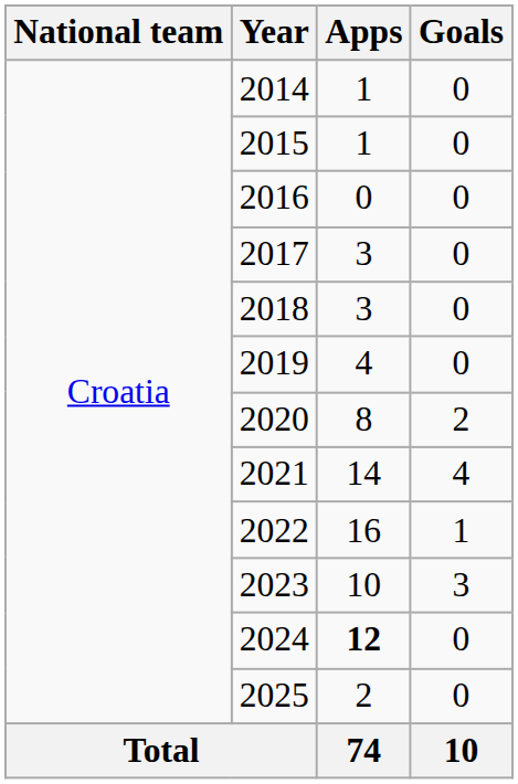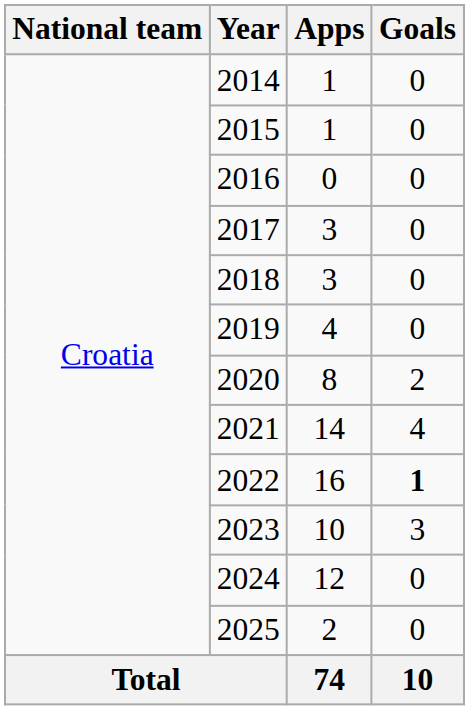 <table class="wikitable" style="text-align:center">
 <tr>
 <th>National team</th>
 <th>Year</th>
 <th>Apps</th>
 <th>Goals</th>
 </tr>
 <tr>
 <td rowspan="12"><a href='#'>Croatia</a></td>
 <td>2014</td>
 <td>1</td>
 <td>0</td>
 </tr>
 <tr>
 <td>2015</td>
 <td>1</td>
 <td>0</td>
 </tr>
 <tr>
 <td>2016</td>
 <td>0</td>
 <td>0</td>
 </tr>
 <tr>
 <td>2017</td>
 <td>3</td>
 <td>0</td>
 </tr>
 <tr>
 <td>2018</td>
 <td>3</td>
 <td>0</td>
 </tr>
 <tr>
 <td>2019</td>
 <td>4</td>
 <td>0</td>
 </tr>
 <tr>
 <td>2020</td>
 <td>8</td>
 <td>2</td>
 </tr>
 <tr>
 <td>2021</td>
 <td>14</td>
 <td>4</td>
 </tr>
 <tr>
 <td>2022</td>
 <td>16</td>
-<td>1</td>
+<td><strong>1</strong></td>
 </tr>
 <tr>
 <td>2023</td>
 <td>10</td>
 <td>3</td>
 </tr>
 <tr>
 <td>2024</td>
-<td><strong>12</strong></td>
+<td>12</td>
 <td>0</td>
 </tr>
 <tr>
 <td>2025</td>
 <td>2</td>
 <td>0</td>
 </tr>
 <tr>
 <th colspan="2">Total</th>
 <th>74</th>
 <th>10</th>
 </tr>
 </table>
